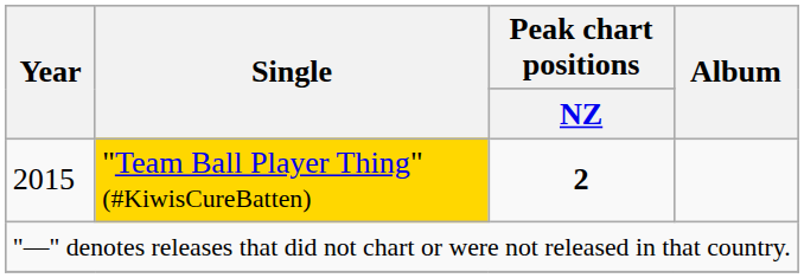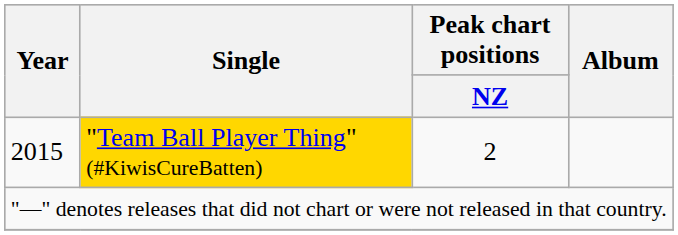 <table class="wikitable">
 <tr>
 <th rowspan=2>Year</th>
 <th rowspan=2>Single</th>
 <th>Peak chart<br>positions</th>
 <th rowspan=2>Album</th>
 </tr>
 <tr>
 <th><a href='#'>NZ</a><br></th>
 </tr>
 <tr>
 <td>2015</td>
 <td style="background: gold;">"<a href='#'>Team Ball Player Thing</a>"<br><small>(#KiwisCureBatten)</small></td>
-<td align="center"><strong>2</strong></td>
+<td align="center">2</td>
 <td></td>
 </tr>
 <tr>
 <td align=center colspan=4><small>"—" denotes releases that did not chart or were not released in that country.</small></td>
 </tr>
 <tr>
 </tr>
 </table>
